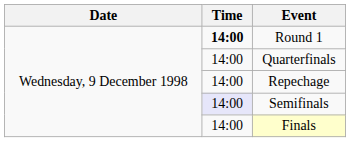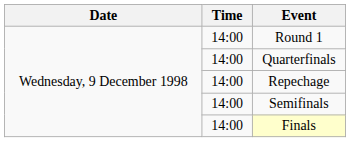 <table class = "wikitable" style="text-align:center;">
 <tr>
 <th width=220>Date</th>
 <th width=50>Time</th>
 <th width=100>Event</th>
 </tr>
 <tr>
 <td rowspan=5>Wednesday, 9 December 1998</td>
-<td><strong>14:00</strong></td>
+<td>14:00</td>
 <td>Round 1</td>
 </tr>
 <tr>
 <td>14:00</td>
 <td>Quarterfinals</td>
 </tr>
 <tr>
 <td>14:00</td>
 <td>Repechage</td>
 </tr>
 <tr>
-<td style="background: lavender;">14:00</td>
+<td>14:00</td>
 <td>Semifinals</td>
 </tr>
 <tr>
 <td>14:00</td>
 <td bgcolor=ffffcc>Finals</td>
 </tr>
 </table>
